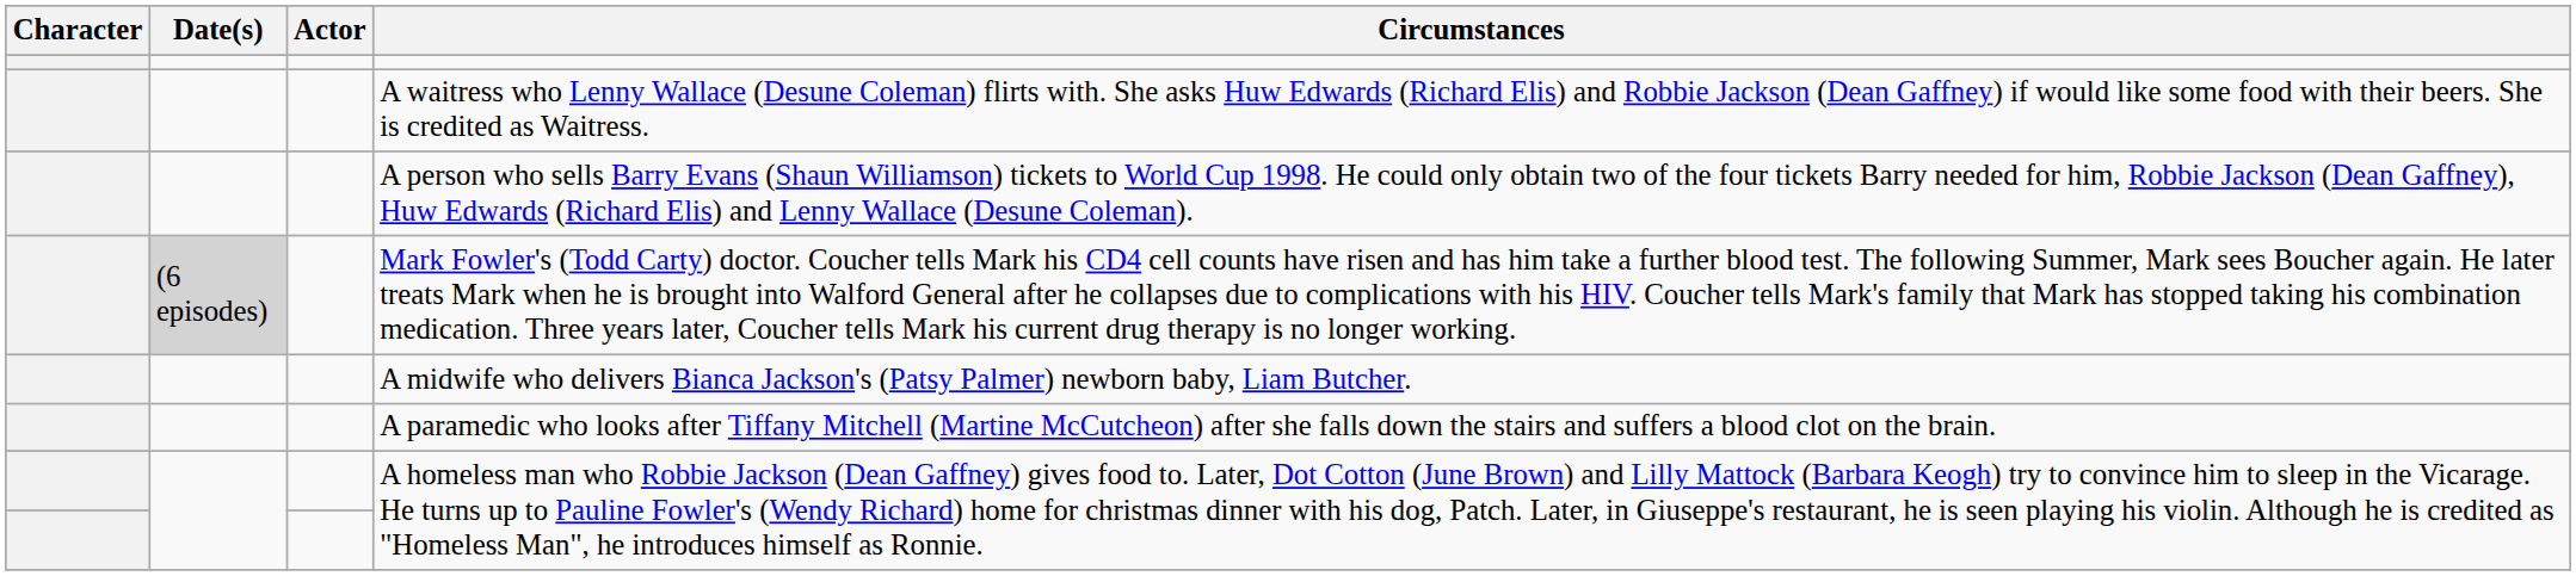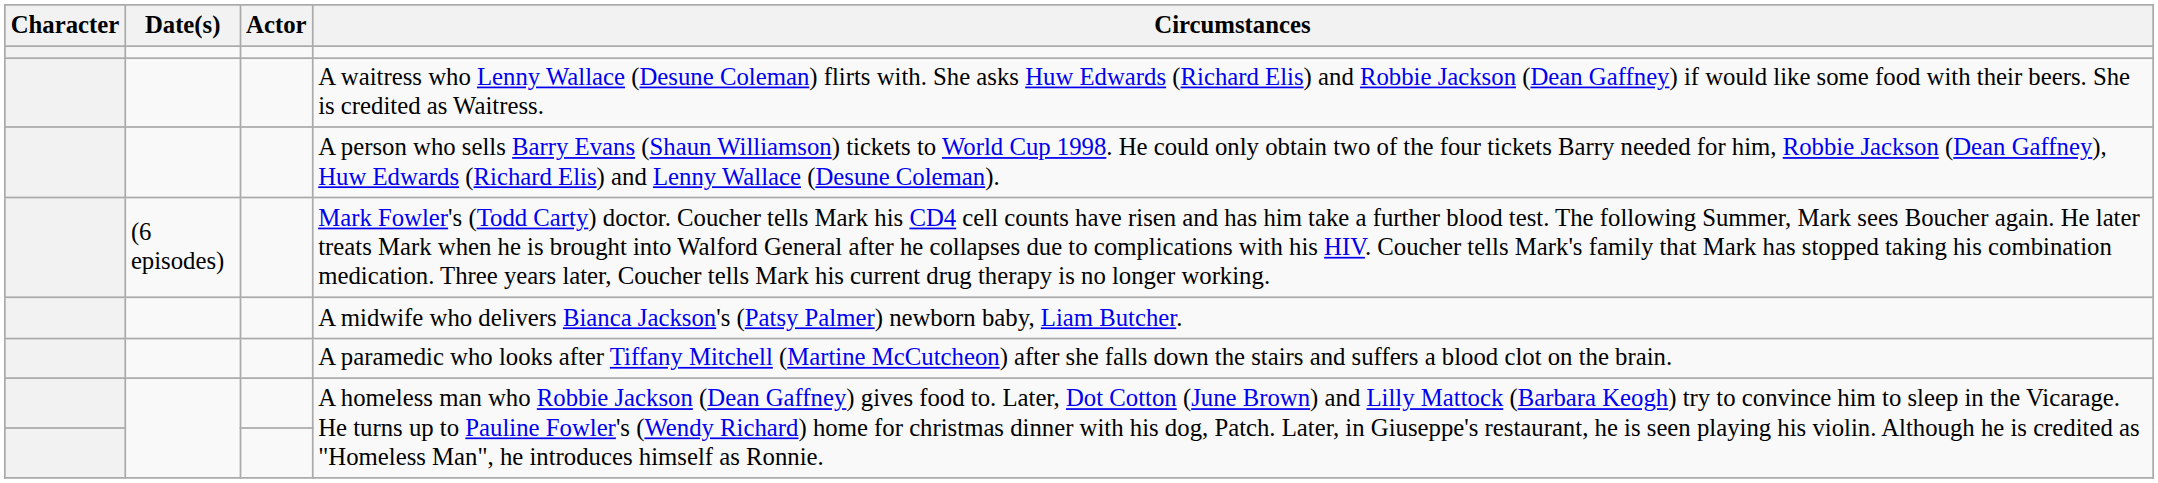 <table class="wikitable plainrowheaders" style="font-size:90%">
 <tr>
 <th scope="col">Character</th>
 <th scope="col">Date(s)</th>
 <th scope="col">Actor</th>
 <th scope="col">Circumstances</th>
 </tr>
 <tr>
 <th scope="row"></th>
 <td></td>
 <td></td>
 <td></td>
 </tr>
 <tr>
 <th scope="row"></th>
 <td></td>
 <td></td>
 <td>A waitress who <a href='#'>Lenny Wallace</a> (<a href='#'>Desune Coleman</a>) flirts with. She asks <a href='#'>Huw Edwards</a> (<a href='#'>Richard Elis</a>) and <a href='#'>Robbie Jackson</a> (<a href='#'>Dean Gaffney</a>) if would like some food with their beers. She is credited as Waitress.</td>
 </tr>
 <tr>
 <th scope="row"></th>
 <td></td>
 <td></td>
 <td>A person who sells <a href='#'>Barry Evans</a> (<a href='#'>Shaun Williamson</a>) tickets to <a href='#'>World Cup 1998</a>. He could only obtain two of the four tickets Barry needed for him, <a href='#'>Robbie Jackson</a> (<a href='#'>Dean Gaffney</a>), <a href='#'>Huw Edwards</a> (<a href='#'>Richard Elis</a>) and <a href='#'>Lenny Wallace</a> (<a href='#'>Desune Coleman</a>).</td>
 </tr>
 <tr>
 <th scope="row"></th>
-<td style="background: lightgrey;"> (6 episodes)</td>
+<td> (6 episodes)</td>
 <td></td>
 <td> <a href='#'>Mark Fowler</a>'s (<a href='#'>Todd Carty</a>) doctor. Coucher tells Mark his <a href='#'>CD4</a> cell counts have risen and has him take a further blood test. The following Summer, Mark sees Boucher again. He later treats Mark when he is brought into Walford General after he collapses due to complications with his <a href='#'>HIV</a>. Coucher tells Mark's family that Mark has stopped taking his combination medication. Three years later, Coucher tells Mark his current drug therapy is no longer working.</td>
 </tr>
 <tr>
 <th scope="row"></th>
 <td></td>
 <td></td>
 <td>A midwife who delivers <a href='#'>Bianca Jackson</a>'s (<a href='#'>Patsy Palmer</a>) newborn baby, <a href='#'>Liam Butcher</a>.</td>
 </tr>
 <tr>
 <th scope="row"></th>
 <td></td>
 <td></td>
 <td>A paramedic who looks after <a href='#'>Tiffany Mitchell</a> (<a href='#'>Martine McCutcheon</a>) after she falls down the stairs and suffers a blood clot on the brain.</td>
 </tr>
 <tr>
 <th scope="row"></th>
 <td rowspan="2"></td>
 <td></td>
 <td rowspan="2">A homeless man who <a href='#'>Robbie Jackson</a> (<a href='#'>Dean Gaffney</a>) gives food to. Later, <a href='#'>Dot Cotton</a> (<a href='#'>June Brown</a>) and <a href='#'>Lilly Mattock</a> (<a href='#'>Barbara Keogh</a>) try to convince him to sleep in the Vicarage. He turns up to <a href='#'>Pauline Fowler</a>'s (<a href='#'>Wendy Richard</a>) home for christmas dinner with his dog, Patch. Later, in Giuseppe's restaurant, he is seen playing his violin. Although he is credited as "Homeless Man", he introduces himself as Ronnie.</td>
 </tr>
 <tr>
 <th scope="row"></th>
 <td></td>
 </tr>
 </table>
